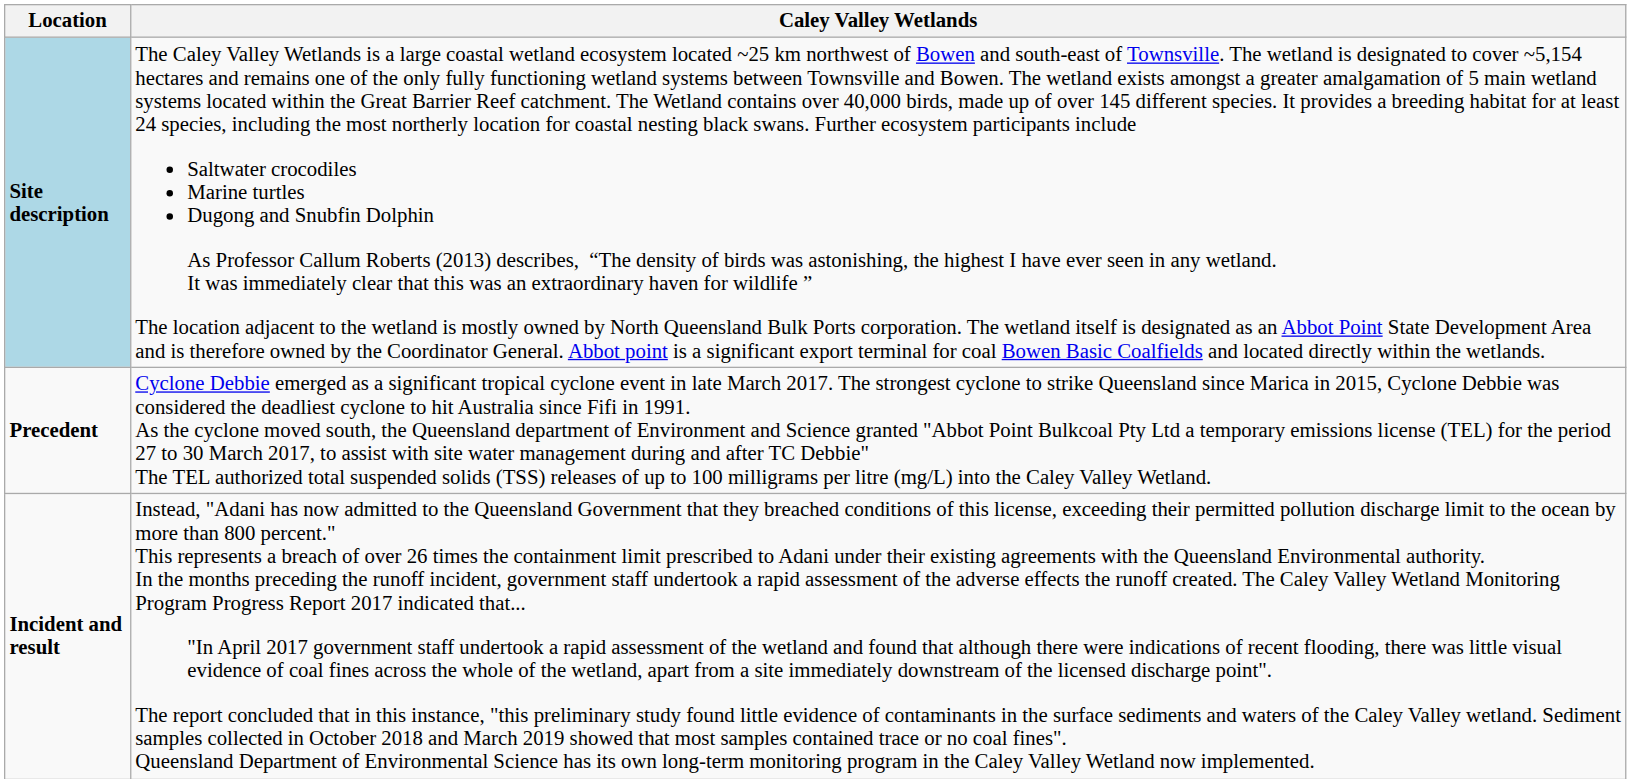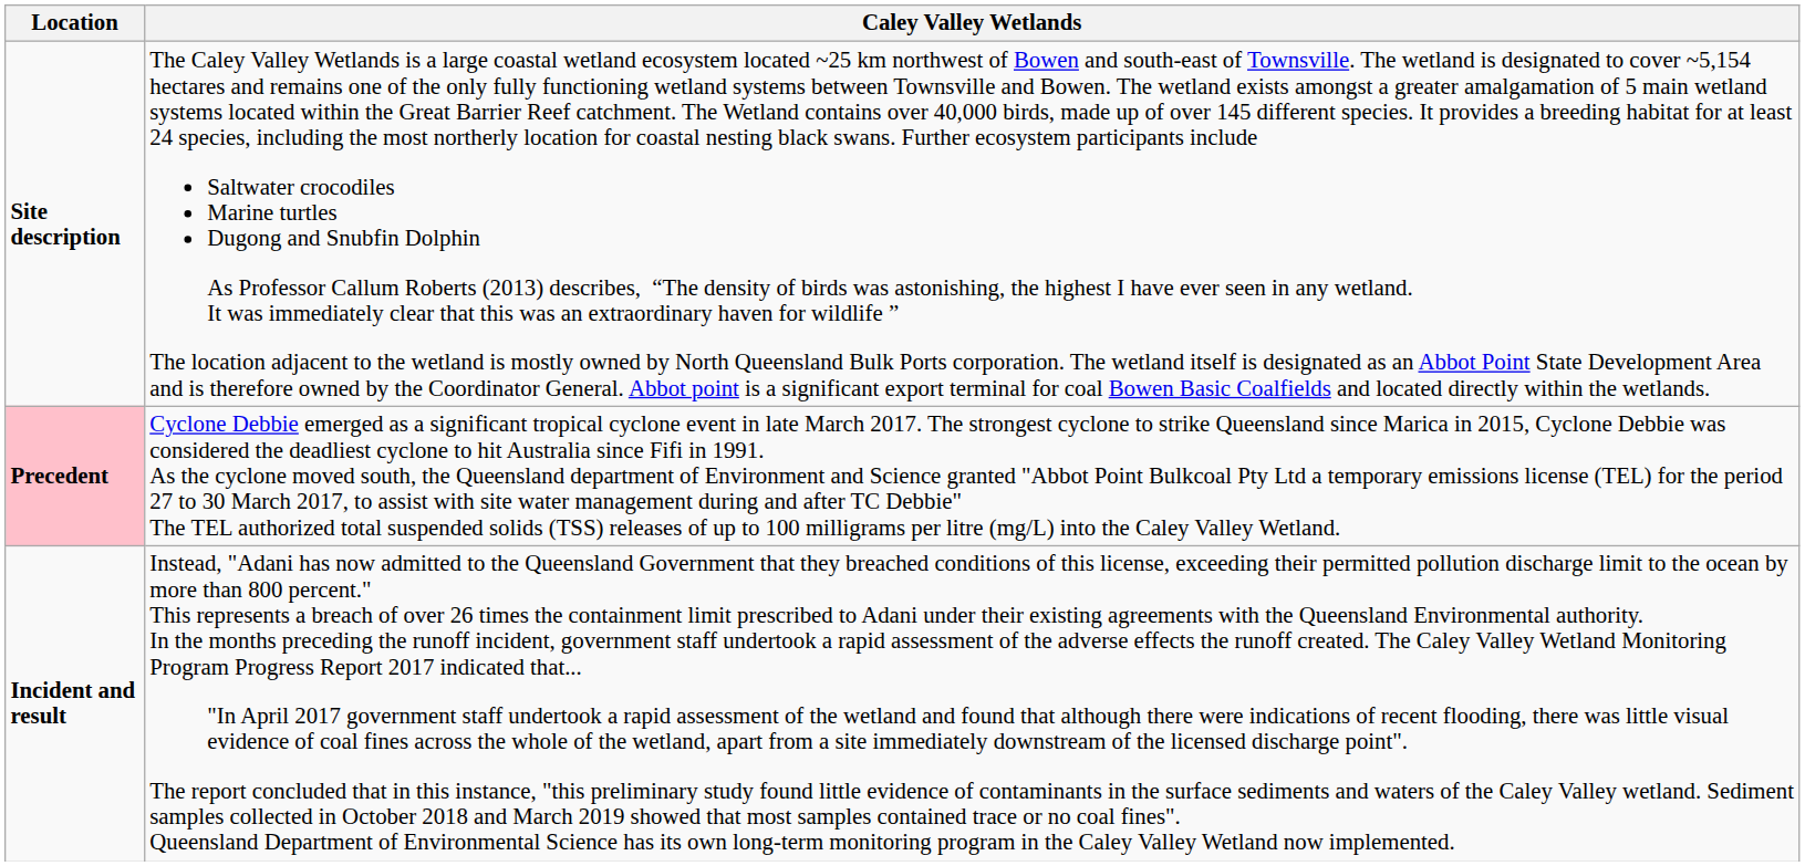 <table class="wikitable">
 <tr>
 <th>Location</th>
 <th>Caley Valley Wetlands</th>
 </tr>
 <tr>
-<td style="background: lightblue;"><strong>Site description</strong></td>
+<td><strong>Site description</strong></td>
 <td>The Caley Valley Wetlands is a large coastal wetland ecosystem located ~25 km northwest of <a href='#'>Bowen</a> and south-east of <a href='#'>Townsville</a>. The wetland is designated to cover ~5,154 hectares and remains one of the only fully functioning wetland systems between Townsville and Bowen. The wetland exists amongst a greater amalgamation of 5 main wetland systems located within the Great Barrier Reef catchment. The Wetland contains over 40,000 birds, made up of over 145 different species. It provides a breeding habitat for at least 24 species, including the most northerly location for coastal nesting black swans. Further ecosystem participants include<br><ul><li>Saltwater crocodiles</li><li>Marine turtles  </li><li>Dugong and Snubfin Dolphin</li></ul><blockquote>As Professor Callum Roberts (2013) describes,  “The density of birds was astonishing, the highest I have ever seen in any wetland.<br>It was immediately clear that this was an extraordinary haven for wildlife ” </blockquote>The location adjacent to the wetland is mostly owned by North Queensland Bulk Ports corporation. The wetland itself is designated as an <a href='#'>Abbot Point</a> State Development Area and is therefore owned by the Coordinator General. <a href='#'>Abbot point</a> is a significant export terminal for coal <a href='#'>Bowen Basic Coalfields</a> and located directly within the wetlands.</td>
 </tr>
 <tr>
-<td><strong>Precedent</strong></td>
+<td style="background: pink;"><strong>Precedent</strong></td>
 <td><a href='#'>Cyclone Debbie</a> emerged as a significant tropical cyclone event in late March 2017. The strongest cyclone to strike Queensland since Marica in 2015, Cyclone Debbie was considered the deadliest cyclone to hit Australia since Fifi in 1991.<br>As the cyclone moved south, the Queensland department of Environment and Science granted "Abbot Point Bulkcoal Pty Ltd a temporary emissions license (TEL) for the period 27 to 30 March 2017, to assist with site water management during and after TC Debbie"<br>The TEL authorized total suspended solids (TSS) releases of up to 100 milligrams per litre (mg/L) into the Caley Valley Wetland.</td>
 </tr>
 <tr>
 <td><strong>Incident and result</strong></td>
 <td>Instead, "Adani has now admitted to the Queensland Government that they breached conditions of this license, exceeding their permitted pollution discharge limit to the ocean by more than 800 percent."<br>This represents a breach of over 26 times the containment limit prescribed to Adani under their existing agreements with the Queensland Environmental authority.  <br>In the months preceding the runoff incident, government staff undertook a rapid assessment of the adverse effects the runoff created. The Caley Valley Wetland Monitoring Program Progress Report 2017 indicated that... <blockquote>"In April 2017 government staff undertook a rapid assessment of the wetland and found that although there were indications of recent flooding, there was little visual evidence of coal fines across the whole of the wetland, apart from a site immediately downstream of the licensed discharge point". </blockquote>The report concluded that in this instance, "this preliminary study found little evidence of contaminants in the surface sediments and waters of the Caley Valley wetland. Sediment samples collected in October 2018 and March 2019 showed that most samples contained trace or no coal fines".<br>Queensland Department of Environmental Science has its own long-term monitoring program in the Caley Valley Wetland now implemented.</td>
 </tr>
 </table>
